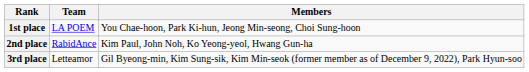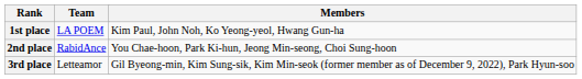 <table class="wikitable">
 <tr>
 <th><strong>Rank</strong></th>
 <th colspan="2"><strong>Team</strong></th>
 <th><strong>Members</strong></th>
 </tr>
 <tr>
 <th><strong>1st place</strong></th>
 <td colspan="2"><a href='#'>LA POEM</a></td>
-<td>You Chae-hoon, Park Ki-hun, Jeong Min-seong, Choi Sung-hoon</td>
+<td>Kim Paul, John Noh, Ko Yeong-yeol, Hwang Gun-ha</td>
 </tr>
 <tr>
 <th><strong>2nd place</strong></th>
 <td colspan="2"><a href='#'>RabidAnce</a></td>
-<td>Kim Paul, John Noh, Ko Yeong-yeol, Hwang Gun-ha</td>
+<td>You Chae-hoon, Park Ki-hun, Jeong Min-seong, Choi Sung-hoon</td>
 </tr>
 <tr>
 <th><strong>3rd place</strong></th>
 <td colspan="2">Letteamor</td>
 <td>Gil Byeong-min, Kim Sung-sik, Kim Min-seok (former member as of December 9, 2022), Park Hyun-soo</td>
 </tr>
 </table>
